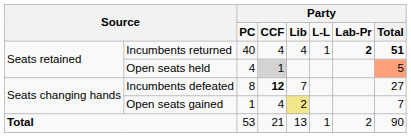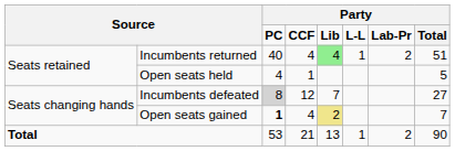 <table class="wikitable" style="text-align:right;">
 <tr>
 <th colspan="2" rowspan="2">Source</th>
 <th colspan="6">Party</th>
 </tr>
 <tr>
 <td><strong>PC</strong></td>
 <td><strong>CCF</strong></td>
 <td><strong>Lib</strong></td>
 <td><strong>L-L</strong></td>
 <td><strong>Lab-Pr</strong></td>
 <th>Total</th>
 </tr>
 <tr>
 <td rowspan="2" style="text-align:left;">Seats retained</td>
 <td style="text-align:left;">Incumbents returned</td>
 <td>40</td>
 <td>4</td>
-<td>4</td>
+<td style="background: lightgreen;">4</td>
 <td>1</td>
-<td><strong>2</strong></td>
-<td><strong>51</strong></td>
+<td>2</td>
+<td>51</td>
 </tr>
 <tr>
 <td style="text-align:left;">Open seats held</td>
 <td>4</td>
-<td style="background: lightgrey;">1</td>
+<td>1</td>
 <td></td>
 <td></td>
 <td></td>
-<td style="background: lightsalmon;">5</td>
+<td>5</td>
 </tr>
 <tr>
 <td rowspan="2" style="text-align:left;">Seats changing hands</td>
 <td style="text-align:left;">Incumbents defeated</td>
-<td>8</td>
-<td><strong>12</strong></td>
+<td style="background: lightgrey;">8</td>
+<td>12</td>
 <td>7</td>
 <td></td>
 <td></td>
 <td>27</td>
 </tr>
 <tr>
 <td style="text-align:left;">Open seats gained</td>
-<td>1</td>
+<td><strong>1</strong></td>
 <td>4</td>
 <td style="background: khaki;">2</td>
 <td></td>
 <td></td>
 <td>7</td>
 </tr>
 <tr>
 <td colspan="2" style="text-align:left;"><strong>Total</strong></td>
 <td>53</td>
 <td>21</td>
 <td>13</td>
 <td>1</td>
 <td>2</td>
 <td>90</td>
 </tr>
 </table>
